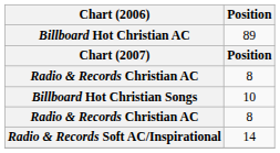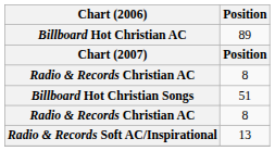 <table class="wikitable plainrowheaders sortable" style="text-align:center;">
 <tr>
 <th scope="col">Chart (2006)</th>
 <th scope="col">Position</th>
 </tr>
 <tr>
 <th scope="row"><em>Billboard</em> Hot Christian AC</th>
 <td align="center">89</td>
 </tr>
 <tr>
 <th scope="col">Chart (2007)</th>
 <th scope="col">Position</th>
 </tr>
 <tr>
 <th scope="row"><em>Radio & Records</em> Christian AC</th>
 <td align="center">8</td>
 </tr>
 <tr>
 <th scope="row"><em>Billboard</em> Hot Christian Songs</th>
-<td align="center">10</td>
+<td align="center">51</td>
 </tr>
 <tr>
 <th scope="row"><em>Radio & Records</em> Christian AC</th>
 <td align="center">8</td>
 </tr>
 <tr>
 <th scope="row"><em>Radio & Records</em> Soft AC/Inspirational</th>
-<td align="center">14</td>
+<td align="center">13</td>
 </tr>
 <tr>
 </tr>
 </table>
